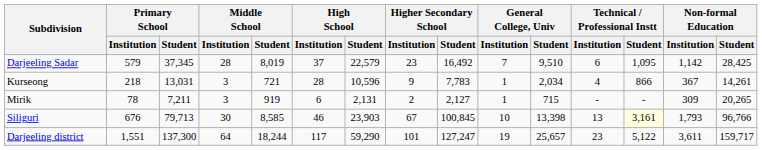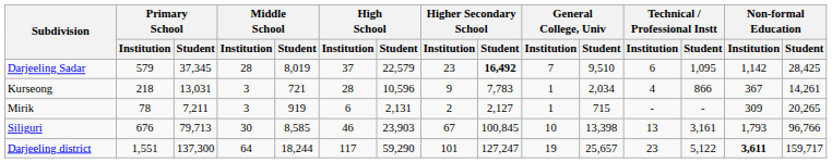 <table class="wikitable" style="text-align:center;font-size: 9pt">
 <tr>
 <th rowspan="2" width="110">Subdivision</th>
 <th colspan="2">Primary<br>School</th>
 <th colspan="2">Middle<br>School</th>
 <th colspan="2">High<br>School</th>
 <th colspan="2">Higher Secondary<br>School</th>
 <th colspan="2">General<br>College, Univ</th>
 <th colspan="2">Technical /<br>Professional Instt</th>
 <th colspan="2">Non-formal<br>Education</th>
 </tr>
 <tr>
 <th width="30">Institution</th>
 <th width="30">Student</th>
 <th width="30">Institution</th>
 <th width="30">Student</th>
 <th width="30">Institution</th>
 <th width="30">Student</th>
 <th width="30">Institution</th>
 <th width="30">Student</th>
 <th width="30">Institution</th>
 <th width="30">Student</th>
 <th width="30">Institution</th>
 <th width="30">Student</th>
 <th width="30">Institution</th>
 <th width="30">Student</th>
 </tr>
 <tr>
 <td align="left"><a href='#'>Darjeeling Sadar</a></td>
 <td align="center">579</td>
 <td align="center">37,345</td>
 <td align="center">28</td>
 <td align="center">8,019</td>
 <td align="center">37</td>
 <td align="center">22,579</td>
 <td align="center">23</td>
-<td align="center">16,492</td>
+<td align="center"><strong>16,492</strong></td>
 <td align="center">7</td>
 <td align="center">9,510</td>
 <td align="center">6</td>
 <td align="center">1,095</td>
 <td align="center">1,142</td>
 <td align="center">28,425</td>
 </tr>
 <tr>
 <td align="left">Kurseong</td>
 <td align="center">218</td>
 <td align="center">13,031</td>
 <td align="center">3</td>
 <td align="center">721</td>
 <td align="center">28</td>
 <td align="center">10,596</td>
 <td align="center">9</td>
 <td align="center">7,783</td>
 <td align="center">1</td>
 <td align="center">2,034</td>
 <td align="center">4</td>
 <td align="center">866</td>
 <td align="center">367</td>
 <td align="center">14,261</td>
 </tr>
 <tr>
 <td align="left">Mirik</td>
 <td align="center">78</td>
 <td align="center">7,211</td>
 <td align="center">3</td>
 <td align="center">919</td>
 <td align="center">6</td>
 <td align="center">2,131</td>
 <td align="center">2</td>
 <td align="center">2,127</td>
 <td align="center">1</td>
 <td align="center">715</td>
 <td align="center">-</td>
 <td align="center">-</td>
 <td align="center">309</td>
 <td align="center">20,265</td>
 </tr>
 <tr>
 <td align="left"><a href='#'>Siliguri</a></td>
 <td align="center">676</td>
 <td align="center">79,713</td>
 <td align="center">30</td>
 <td align="center">8,585</td>
 <td align="center">46</td>
 <td align="center">23,903</td>
 <td align="center">67</td>
 <td align="center">100,845</td>
 <td align="center">10</td>
 <td align="center">13,398</td>
 <td align="center">13</td>
-<td align="center" style="background: lightyellow;">3,161</td>
+<td align="center">3,161</td>
 <td align="center">1,793</td>
 <td align="center">96,766</td>
 </tr>
 <tr>
 <td align="left"><a href='#'>Darjeeling district</a></td>
 <td align="center">1,551</td>
 <td align="center">137,300</td>
 <td align="center">64</td>
 <td align="center">18,244</td>
 <td align="center">117</td>
 <td align="center">59,290</td>
 <td align="center">101</td>
 <td align="center">127,247</td>
 <td align="center">19</td>
 <td align="center">25,657</td>
 <td align="center">23</td>
 <td align="center">5,122</td>
-<td align="center">3,611</td>
+<td align="center"><strong>3,611</strong></td>
 <td align="center">159,717</td>
 </tr>
 </table>
